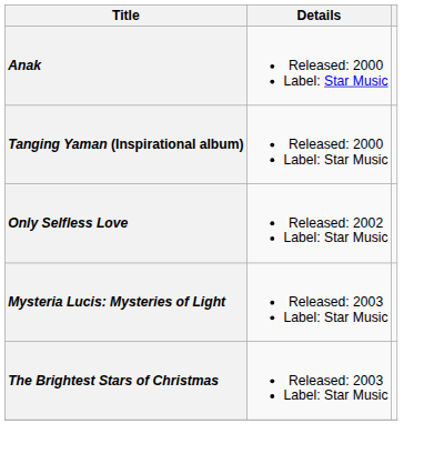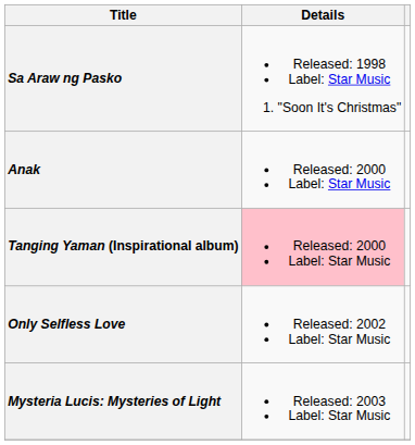 <table class="wikitable plainrowheaders" style="text-align:center">
 <tr>
 <th>Title</th>
 <th>Details</th>
 <th scope="col" class="unsortable"></th>
+</tr>
+<tr>
+<th scope="row" style="text-align:left;"><em>Sa Araw ng Pasko</em></th>
+<td style="text-align:center;"><br><ul><li>Released: 1998</li><li>Label: <a href='#'>Star Music</a></li></ul><ol><li>"Soon It's Christmas"</li></ol></td>
+<td></td>
 </tr>
 <tr>
 <th scope="row" style="text-align:left;"><em>Anak</em></th>
 <td style="text-align:center;"><br><ul><li>Released: 2000</li><li>Label: <a href='#'>Star Music</a></li></ul></td>
 <td></td>
 </tr>
 <tr>
 <th scope="row" style="text-align:left;"><em>Tanging Yaman</em> (Inspirational album)</th>
-<td style="text-align:center;"><br><ul><li>Released: 2000</li><li>Label: Star Music</li></ul></td>
+<td style="background: pink; text-align:center;"><br><ul><li>Released: 2000</li><li>Label: Star Music</li></ul></td>
 <td></td>
 </tr>
 <tr>
 <th scope="row" style="text-align:left;"><em>Only Selfless Love</em></th>
 <td style="text-align:center;"><br><ul><li>Released: 2002</li><li>Label: Star Music</li></ul></td>
 <td></td>
 </tr>
 <tr>
 <th scope="row" style="text-align:left;"><em>Mysteria Lucis: Mysteries of Light</em></th>
 <td style="text-align:center;"><br><ul><li>Released: 2003</li><li>Label: Star Music</li></ul></td>
 <td></td>
 </tr>
 <tr>
-<th scope="row" style="text-align:left;"><em>The Brightest Stars of Christmas</em></th>
-<td style="text-align:center;"><br><ul><li>Released: 2003</li><li>Label: Star Music</li></ul></td>
-<td></td>
-</tr>
-<tr>
 </tr>
 </table>
